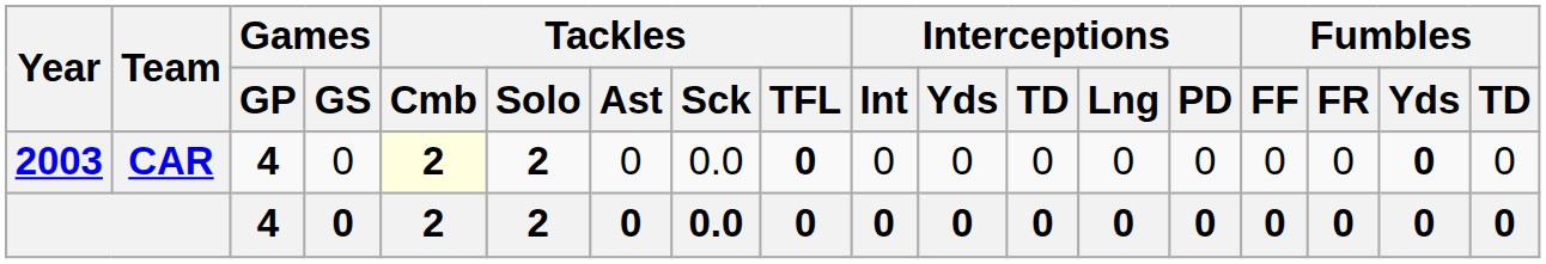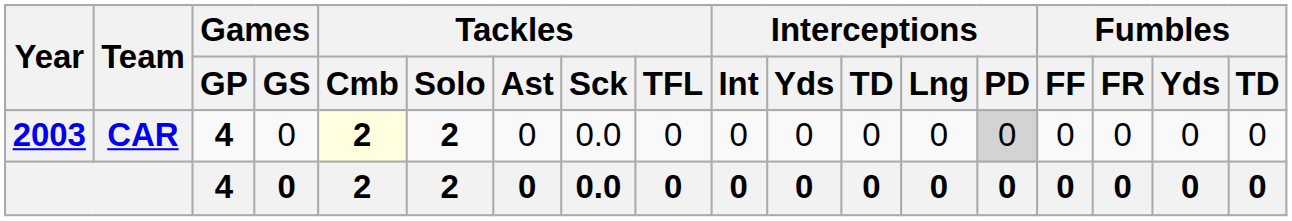 <table class="wikitable" style="text-align:center">
 <tr>
 <th rowspan="2">Year</th>
 <th rowspan="2">Team</th>
 <th colspan="2">Games</th>
 <th colspan="5">Tackles</th>
 <th colspan="5">Interceptions</th>
 <th colspan="4">Fumbles</th>
 </tr>
 <tr>
 <th>GP</th>
 <th>GS</th>
 <th>Cmb</th>
 <th>Solo</th>
 <th>Ast</th>
 <th>Sck</th>
 <th>TFL</th>
 <th>Int</th>
 <th>Yds</th>
 <th>TD</th>
 <th>Lng</th>
 <th>PD</th>
 <th>FF</th>
 <th>FR</th>
 <th>Yds</th>
 <th>TD</th>
 </tr>
 <tr>
 <th><a href='#'>2003</a></th>
 <th><a href='#'>CAR</a></th>
 <td><strong>4</strong></td>
 <td>0</td>
 <td style="background: lightyellow;"><strong>2</strong></td>
 <td><strong>2</strong></td>
 <td>0</td>
 <td>0.0</td>
-<td><strong>0</strong></td>
 <td>0</td>
 <td>0</td>
 <td>0</td>
 <td>0</td>
 <td>0</td>
+<td style="background: lightgrey;">0</td>
 <td>0</td>
 <td>0</td>
-<td><strong>0</strong></td>
+<td>0</td>
 <td>0</td>
 </tr>
 <tr>
 <th colspan="2"></th>
 <th>4</th>
 <th>0</th>
 <th>2</th>
 <th>2</th>
 <th>0</th>
 <th>0.0</th>
 <th>0</th>
 <th>0</th>
 <th>0</th>
 <th>0</th>
 <th>0</th>
 <th>0</th>
 <th>0</th>
 <th>0</th>
 <th>0</th>
 <th>0</th>
 </tr>
 </table>
